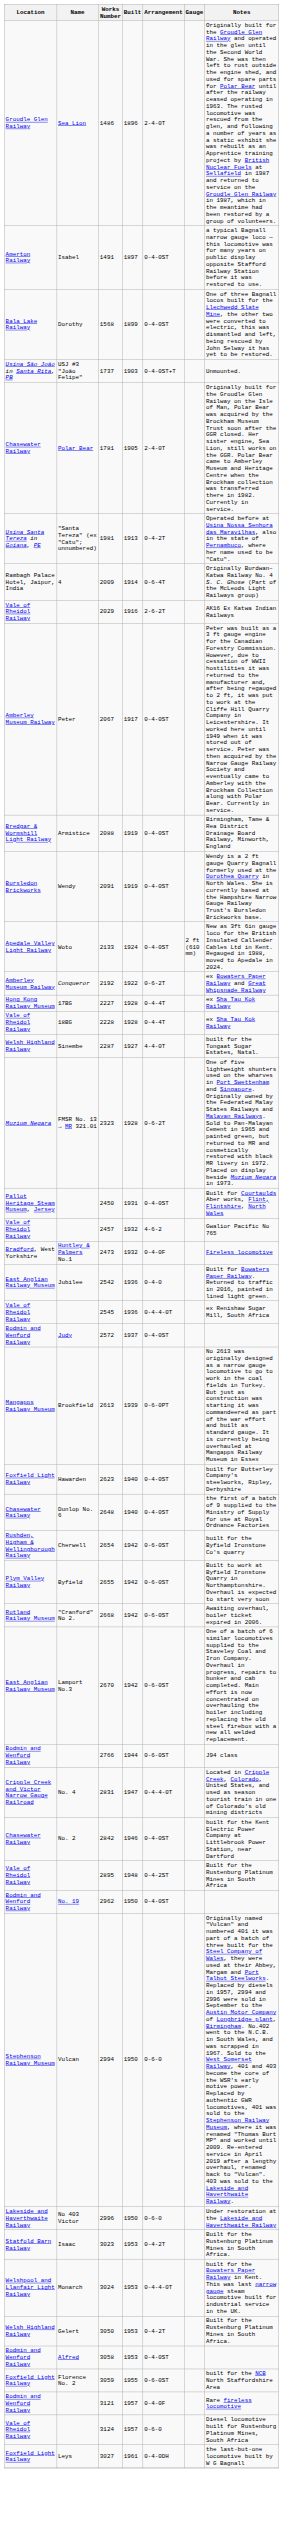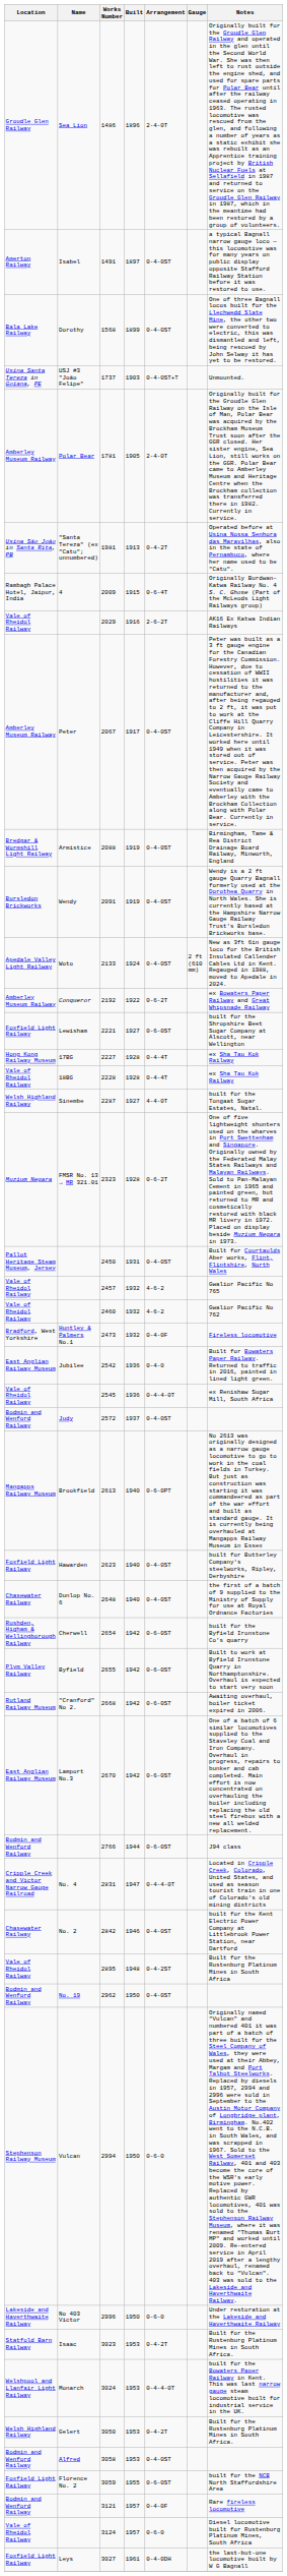 <table class="wikitable sortable">
 <tr>
 <th>Location</th>
 <th>Name</th>
 <th>Works Number</th>
 <th>Built</th>
 <th>Arrangement</th>
 <th>Gauge</th>
 <th>Notes</th>
 </tr>
 <tr>
 <td><a href='#'>Groudle Glen Railway</a></td>
 <td><a href='#'>Sea Lion</a></td>
 <td>1486</td>
 <td>1896</td>
 <td>2-4-0T</td>
 <td></td>
 <td>Originally built for the <a href='#'>Groudle Glen Railway</a> and operated in the glen until the Second World War. She was then left to rust outside the engine shed, and used for spare parts for <a href='#'>Polar Bear</a> until after the railway ceased operating in 1963. The rusted locomotive was rescued from the glen, and following a number of years as a static exhibit she was rebuilt as an Apprentice training project by <a href='#'>British Nuclear Fuels</a> at <a href='#'>Sellafield</a> in 1987 and returned to service on the <a href='#'>Groudle Glen Railway</a> in 1987, which in the meantime had been restored by a group of volunteers.</td>
 </tr>
 <tr>
 <td><a href='#'>Amerton Railway</a></td>
 <td>Isabel</td>
 <td>1491</td>
 <td>1897</td>
 <td>0-4-0ST</td>
 <td></td>
 <td>a typical Bagnall narrow gauge loco — this locomotive was for many years on public display opposite Stafford Railway Station before it was restored to use.</td>
 </tr>
 <tr>
 <td><a href='#'>Bala Lake Railway</a></td>
 <td>Dorothy</td>
 <td>1568</td>
 <td>1899</td>
 <td>0-4-0ST</td>
 <td></td>
 <td>One of three Bagnall locos built for the <a href='#'>Llechwedd Slate Mine</a>, the other two were converted to electric, this was dismantled and left, being rescued by John Selway it has yet to be restored.</td>
 </tr>
 <tr>
-<td><em><a href='#'>Usina São João</a> in <a href='#'>Santa Rita</a>, <a href='#'>PB</a></em></td>
+<td><em><a href='#'>Usina Santa Tereza</a> in <a href='#'>Goiana</a>, <a href='#'>PE</a></em></td>
 <td>USJ #3 "João Felipe"</td>
 <td>1737</td>
 <td>1903</td>
 <td>0-4-0ST+T</td>
 <td></td>
 <td>Unmounted.</td>
 </tr>
 <tr>
-<td><a href='#'>Chasewater Railway</a></td>
+<td><a href='#'>Amberley Museum Railway</a></td>
 <td><a href='#'>Polar Bear</a></td>
 <td>1781</td>
 <td>1905</td>
 <td>2-4-0T</td>
 <td></td>
 <td>Originally built for the Groudle Glen Railway on the Isle of Man, Polar Bear was acquired by the Brockham Museum Trust soon after the GGR closed. Her sister engine, Sea Lion, still works on the GGR. Polar Bear came to Amberley Museum and Heritage Centre when the Brockham collection was transferred there in 1982. Currently in service.</td>
 </tr>
 <tr>
-<td><em><a href='#'>Usina Santa Tereza</a> in <a href='#'>Goiana</a>, <a href='#'>PE</a></em></td>
+<td><em><a href='#'>Usina São João</a> in <a href='#'>Santa Rita</a>, <a href='#'>PB</a></em></td>
 <td>"Santa Tereza" (ex "Catu"; unnumbered)</td>
 <td>1981</td>
 <td>1913</td>
 <td>0-4-2T</td>
 <td></td>
 <td>Operated before at <a href='#'>Usina Nossa Senhora das Maravilhas</a>, also in the state of <a href='#'>Pernambuco</a>, where her name used to be "Catu".</td>
 </tr>
 <tr>
 <td>Rambagh Palace Hotel, Jaipur, India</td>
 <td>4</td>
 <td>2009</td>
-<td>1914</td>
+<td>1915</td>
 <td>0-6-4T</td>
 <td></td>
 <td>Originally Burdwan–Katwa Railway No. 4 <em>S. C. Ghose</em> (Part of the McLeods Light Railways group)</td>
 </tr>
 <tr>
 <td><a href='#'>Vale of Rheidol Railway</a></td>
 <td></td>
 <td>2029</td>
 <td>1916</td>
 <td>2-6-2T</td>
 <td></td>
 <td>AK16 Ex Katwa Indian Railways</td>
 </tr>
 <tr>
 <td><a href='#'>Amberley Museum Railway</a></td>
 <td>Peter</td>
 <td>2067</td>
 <td>1917</td>
 <td>0-4-0ST</td>
 <td></td>
 <td>Peter was built as a 3 ft gauge engine for the Canadian Forestry Commission. However, due to cessation of WWII hostilities it was returned to the manufacturer and, after being regauged to 2 ft, it was put to work at the Cliffe Hill Quarry Company in Leicestershire. It worked here until 1949 when it was stored out of service. Peter was then acquired by the Narrow Gauge Railway Society and eventually came to Amberley with the Brockham Collection along with Polar Bear. Currently in service.</td>
 </tr>
 <tr>
 <td><a href='#'>Bredgar & Wormshill Light Railway</a></td>
 <td>Armistice</td>
 <td>2088</td>
 <td>1919</td>
 <td>0-4-0ST</td>
 <td></td>
 <td>Birmingham, Tame & Rea District Drainage Board Railway, Minworth, England</td>
 </tr>
 <tr>
 <td><a href='#'>Bursledon Brickworks</a></td>
 <td>Wendy</td>
 <td>2091</td>
 <td>1919</td>
 <td>0-4-0ST</td>
 <td></td>
 <td>Wendy is a 2 ft gauge Quarry Bagnall formerly used at the <a href='#'>Dorothea Quarry</a> in North Wales. She is currently based at the Hampshire Narrow Gauge Railway Trust's Bursledon Brickworks base.</td>
 </tr>
 <tr>
 <td><a href='#'>Apedale Valley Light Railway</a></td>
 <td>Woto</td>
 <td>2133</td>
 <td>1924</td>
 <td>0-4-0ST</td>
 <td>2 ft (610 mm)</td>
 <td>New as 3ft 6in gauge loco for the British Insulated Callender Cables Ltd in Kent. Regauged in 1988, moved to Apedale in 2024. </td>
 </tr>
 <tr>
 <td><a href='#'>Amberley Museum Railway</a></td>
 <td><em>Conqueror</em></td>
 <td>2192</td>
 <td>1922</td>
 <td>0-6-2T</td>
 <td></td>
 <td>ex <a href='#'>Bowaters Paper Railway</a> and <a href='#'>Great Whipsnade Railway</a></td>
 </tr>
 <tr>
+<td><a href='#'>Foxfield Light Railway</a></td>
+<td>Lewisham</td>
+<td>2221</td>
+<td>1927</td>
+<td>0-6-0ST</td>
+<td></td>
+<td>built for the Shropshire Beet Sugar Company at Alscott, near Wellington</td>
+</tr>
+<tr>
 <td><a href='#'>Hong Kong Railway Museum</a></td>
 <td>17BG</td>
 <td>2227</td>
 <td>1928</td>
 <td>0-4-4T</td>
 <td></td>
 <td>ex <a href='#'>Sha Tau Kok Railway</a></td>
 </tr>
 <tr>
 <td><a href='#'>Vale of Rheidol Railway</a></td>
 <td>18BG</td>
 <td>2228</td>
 <td>1928</td>
 <td>0-4-4T</td>
 <td></td>
 <td>ex <a href='#'>Sha Tau Kok Railway</a></td>
 </tr>
 <tr>
 <td><a href='#'>Welsh Highland Railway</a></td>
 <td>Sinembe</td>
 <td>2287</td>
 <td>1927</td>
 <td>4-4-0T</td>
 <td></td>
 <td>built for the Tongaat Sugar Estates, Natal.</td>
 </tr>
 <tr>
 <td><em><a href='#'>Muzium Negara</a></em></td>
 <td>FMSR No. 13<br>→ <a href='#'>MR</a> 321.01</td>
 <td>2323</td>
 <td>1928</td>
 <td>0-6-2T</td>
 <td></td>
 <td>One of five lightweight shunters used on the wharves in <a href='#'>Port Swettenham</a> and <a href='#'>Singapore</a>. Originally owned by the Federated Malay States Railways and <a href='#'>Malayan Railways</a>. Sold to Pan-Malayan Cement in 1965 and painted green, but returned to MR and cosmetically restored with black MR livery in 1972. Placed on display beside <em><a href='#'>Muzium Negara</a></em> in 1973.</td>
 </tr>
 <tr>
 <td><a href='#'>Pallot Heritage Steam Museum</a>, <a href='#'>Jersey</a></td>
 <td></td>
 <td>2450</td>
 <td>1931</td>
 <td>0-4-0ST</td>
 <td></td>
 <td>Built for <a href='#'>Courtaulds</a> Aber works, <a href='#'>Flint, Flintshire</a>, <a href='#'>North Wales</a></td>
 </tr>
 <tr>
 <td><a href='#'>Vale of Rheidol Railway</a></td>
 <td></td>
 <td>2457</td>
 <td>1932</td>
 <td>4-6-2</td>
 <td></td>
 <td>Gwalior Pacific No 765</td>
 </tr>
 <tr>
+<td><a href='#'>Vale of Rheidol Railway</a></td>
+<td></td>
+<td>2460</td>
+<td>1932</td>
+<td>4-6-2</td>
+<td></td>
+<td>Gwalior Pacific No 762</td>
+</tr>
+<tr>
 <td><a href='#'>Bradford</a>, West Yorkshire</td>
 <td><a href='#'>Huntley & Palmers</a> No.1</td>
 <td>2473</td>
 <td>1932</td>
 <td>0-4-0F</td>
 <td></td>
 <td><a href='#'>Fireless locomotive</a></td>
 </tr>
 <tr>
 <td><a href='#'>East Anglian Railway Museum</a></td>
 <td>Jubilee</td>
 <td>2542</td>
 <td>1936</td>
 <td>0-4-0</td>
 <td></td>
 <td>Built for <a href='#'>Bowaters Paper Railway</a>. Returned to traffic in 2016, painted in lined light green.</td>
 </tr>
 <tr>
 <td><a href='#'>Vale of Rheidol Railway</a></td>
 <td></td>
 <td>2545</td>
 <td>1936</td>
 <td>0-4-4-0T</td>
 <td></td>
 <td>ex Renishaw Sugar Mill, South Africa</td>
 </tr>
 <tr>
 <td><a href='#'>Bodmin and Wenford Railway</a></td>
 <td><a href='#'>Judy</a></td>
 <td>2572</td>
 <td>1937</td>
 <td>0-4-0ST</td>
 <td></td>
 <td></td>
 </tr>
 <tr>
 <td><a href='#'>Mangapps Railway Museum</a></td>
 <td>Brookfield</td>
 <td>2613</td>
-<td>1939</td>
+<td>1940</td>
 <td>0-6-0PT</td>
 <td></td>
 <td>No 2613 was originally designed as a narrow gauge locomotive to go to work in the coal fields in Turkey. But just as construction was starting it was commandeered as part of the war effort and built as standard gauge. It is currently being overhauled at Mangapps Railway Museum in Essex</td>
 </tr>
 <tr>
 <td><a href='#'>Foxfield Light Railway</a></td>
 <td>Hawarden</td>
 <td>2623</td>
 <td>1940</td>
 <td>0-4-0ST</td>
 <td></td>
 <td>built for Butterley Company's steelworks, Ripley, Derbyshire</td>
 </tr>
 <tr>
 <td><a href='#'>Chasewater Railway</a></td>
 <td>Dunlop No. 6</td>
 <td>2648</td>
 <td>1940</td>
 <td>0-4-0ST</td>
 <td></td>
 <td>the first of a batch of 9 supplied to the Ministry of Supply for use at Royal Ordnance Factories</td>
 </tr>
 <tr>
 <td><a href='#'>Rushden, Higham & Wellingborough Railway</a></td>
 <td>Cherwell</td>
 <td>2654</td>
 <td>1942</td>
 <td>0-6-0ST</td>
 <td></td>
 <td>built for the Byfield Ironstone Co's quarry</td>
 </tr>
 <tr>
 <td><a href='#'>Plym Valley Railway</a></td>
 <td>Byfield</td>
 <td>2655</td>
 <td>1942</td>
 <td>0-6-0ST</td>
 <td></td>
 <td>Built to work at Byfield Ironstone Quarry in Northamptonshire. Overhaul is expected to start very soon</td>
 </tr>
 <tr>
 <td><a href='#'>Rutland Railway Museum</a></td>
 <td>"Cranford" No 2.</td>
 <td>2668</td>
 <td>1942</td>
 <td>0-6-0ST</td>
 <td></td>
 <td>Awaiting overhaul, boiler ticket expired in 2006.</td>
 </tr>
 <tr>
 <td><a href='#'>East Anglian Railway Museum</a></td>
 <td>Lamport No.3</td>
 <td>2670</td>
 <td>1942</td>
 <td>0-6-0ST</td>
 <td></td>
 <td>One of a batch of 6 similar locomotives supplied to the Staveley Coal and Iron Company. Overhaul in progress, repairs to bunker and cab completed. Main effort is now concentrated on overhauling the boiler including replacing the old steel firebox with a new all welded replacement.</td>
 </tr>
 <tr>
 <td><a href='#'>Bodmin and Wenford Railway</a></td>
 <td></td>
 <td>2766</td>
 <td>1944</td>
 <td>0-6-0ST</td>
 <td></td>
 <td>J94 class</td>
 </tr>
 <tr>
 <td><a href='#'>Cripple Creek and Victor Narrow Gauge Railroad</a></td>
 <td>No. 4</td>
 <td>2831</td>
 <td>1947</td>
 <td>0-4-4-0T</td>
 <td></td>
 <td>Located in <a href='#'>Cripple Creek</a>, <a href='#'>Colorado</a>, United States, and used as season tourist train in one of Colorado's old mining districts</td>
 </tr>
 <tr>
 <td><a href='#'>Chasewater Railway</a></td>
 <td>No. 2</td>
 <td>2842</td>
 <td>1946</td>
 <td>0-4-0ST</td>
 <td></td>
 <td>built for the Kent Electric Power Company at Littlebrook Power Station, near Dartford</td>
 </tr>
 <tr>
 <td><a href='#'>Vale of Rheidol Railway</a></td>
 <td></td>
 <td>2895</td>
 <td>1948</td>
 <td>0-4-2ST</td>
 <td></td>
 <td>Built for the Rustenburg Platinum Mines in South Africa</td>
 </tr>
 <tr>
 <td><a href='#'>Bodmin and Wenford Railway</a></td>
 <td><a href='#'>No. 19</a></td>
 <td>2962</td>
 <td>1950</td>
 <td>0-4-0ST</td>
 <td></td>
 <td></td>
 </tr>
 <tr>
 <td><a href='#'>Stephenson Railway Museum</a></td>
 <td>Vulcan</td>
 <td>2994</td>
 <td>1950</td>
 <td>0-6-0</td>
 <td></td>
 <td>Originally named "Vulcan" and numbered 401 it was part of a batch of three built for the <a href='#'>Steel Company of Wales</a>, they were used at their Abbey, Margam and <a href='#'>Port Talbot Steelworks</a>. Replaced by diesels in 1957, 2994 and 2996 were sold in September to the <a href='#'>Austin Motor Company</a> of <a href='#'>Longbridge plant</a>, <a href='#'>Birmingham</a>. No.402 went to the N.C.B. in South Wales, and was scrapped in 1967. Sold to the <a href='#'>West Somerset Railway</a>, 401 and 403 become the core of the WSR's early motive power. Replaced by authentic GWR locomotives, 401 was sold to the <a href='#'>Stephenson Railway Museum</a>, where it was renamed "Thomas Burt MP" and worked until 2009. Re-entered service in April 2019 after a lengthy overhaul, renamed back to "Vulcan". 403 was sold to the <a href='#'>Lakeside and Haverthwaite Railway</a>.</td>
 </tr>
 <tr>
 <td><a href='#'>Lakeside and Haverthwaite Railway</a></td>
 <td>No 403 Victor</td>
 <td>2996</td>
 <td>1950</td>
 <td>0-6-0</td>
 <td></td>
 <td>Under restoration at the <a href='#'>Lakeside and Haverthwaite Railway</a></td>
 </tr>
 <tr>
 <td><a href='#'>Statfold Barn Railway</a></td>
 <td>Isaac</td>
 <td>3023</td>
 <td>1953</td>
 <td>0-4-2T</td>
 <td></td>
 <td>Built for the Rustenburg Platinum Mines in South Africa.</td>
 </tr>
 <tr>
 <td><a href='#'>Welshpool and Llanfair Light Railway</a></td>
 <td>Monarch</td>
 <td>3024</td>
 <td>1953</td>
 <td>0-4-4-0T</td>
 <td></td>
 <td>built for the <a href='#'>Bowaters Paper Railway</a> in Kent. This was last <a href='#'>narrow gauge</a> steam locomotive built for industrial service in the UK.</td>
 </tr>
 <tr>
 <td><a href='#'>Welsh Highland Railway</a></td>
 <td>Gelert</td>
 <td>3050</td>
 <td>1953</td>
 <td>0-4-2T</td>
 <td></td>
 <td>Built for the Rustenburg Platinum Mines in South Africa.</td>
 </tr>
 <tr>
 <td><a href='#'>Bodmin and Wenford Railway</a></td>
 <td><a href='#'>Alfred</a></td>
 <td>3058</td>
 <td>1953</td>
 <td>0-4-0ST</td>
 <td></td>
 <td></td>
 </tr>
 <tr>
 <td><a href='#'>Foxfield Light Railway</a></td>
 <td>Florence No. 2</td>
 <td>3059</td>
 <td>1955</td>
 <td>0-6-0ST</td>
 <td></td>
 <td>built for the <a href='#'>NCB</a> North Staffordshire Area</td>
 </tr>
 <tr>
 <td><a href='#'>Bodmin and Wenford Railway</a></td>
 <td></td>
 <td>3121</td>
 <td>1957</td>
 <td>0-4-0F</td>
 <td></td>
 <td>Rare <a href='#'>fireless locomotive</a></td>
 </tr>
 <tr>
 <td><a href='#'>Vale of Rheidol Railway</a></td>
 <td></td>
 <td>3124</td>
 <td>1957</td>
 <td>0-6-0</td>
 <td></td>
 <td>Diesel locomotive built for Rustenburg Platinum Mines, South Africa</td>
 </tr>
 <tr>
 <td><a href='#'>Foxfield Light Railway</a></td>
 <td>Leys</td>
 <td>3027</td>
 <td>1961</td>
 <td>0-4-0DH</td>
 <td></td>
 <td>the last-but-one locomotive built by W G Bagnall</td>
 </tr>
 <tr>
 </tr>
 </table>
